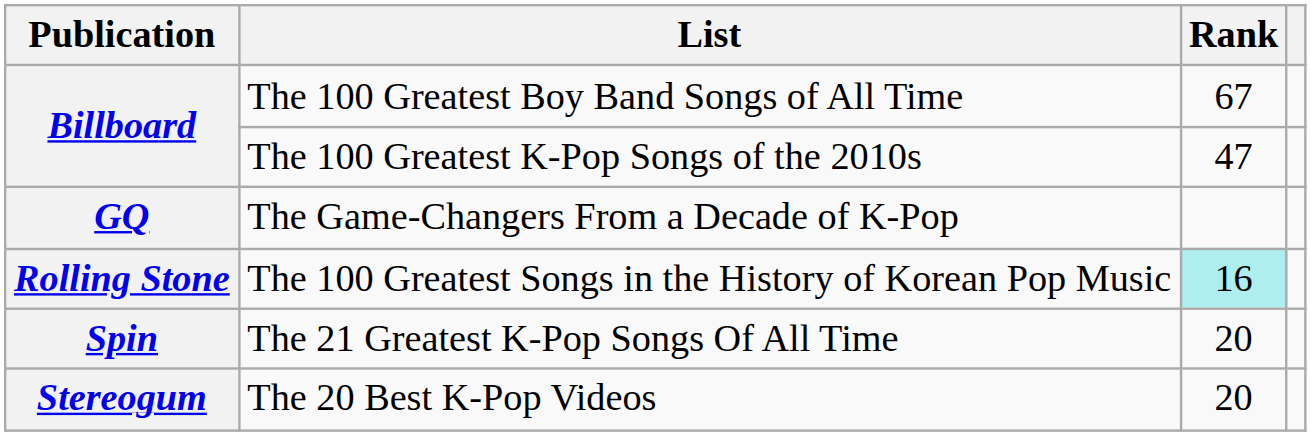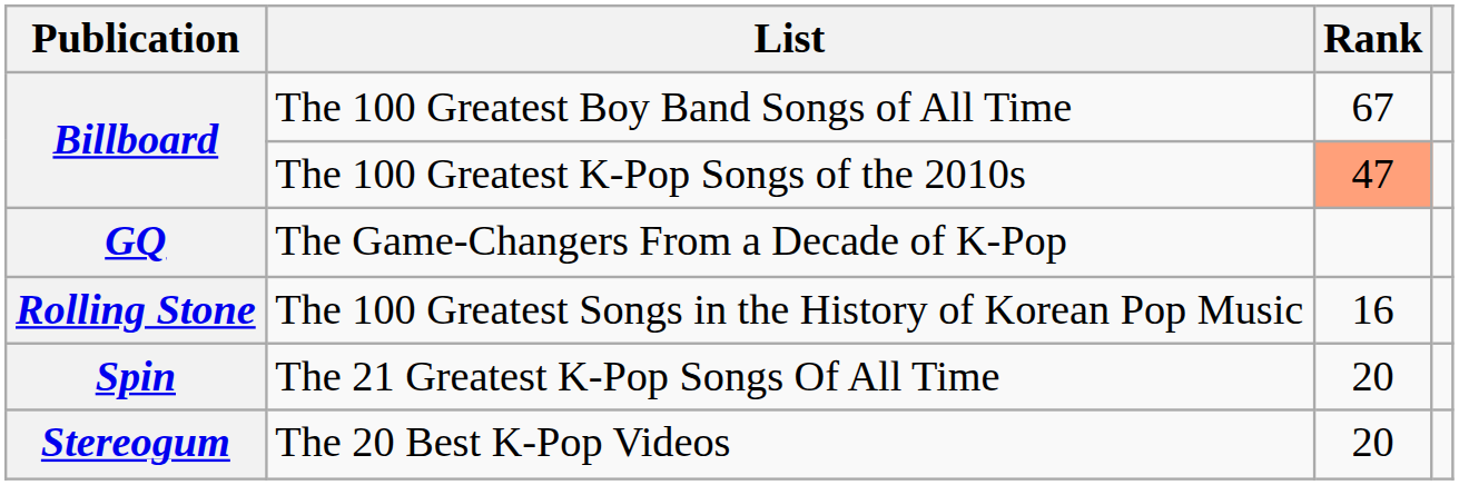 <table class="wikitable sortable plainrowheaders">
 <tr>
 <th scope="col">Publication</th>
 <th scope="col" class="unsortable">List</th>
 <th scope="col">Rank</th>
 <th scope="col" class="unsortable"></th>
 </tr>
 <tr>
 <th scope="row" rowspan="2"><em><a href='#'>Billboard</a></em></th>
 <td>The 100 Greatest Boy Band Songs of All Time</td>
 <td style="text-align:center">67</td>
 <td style="text-align:center"></td>
 </tr>
 <tr>
 <td>The 100 Greatest K-Pop Songs of the 2010s</td>
-<td style="text-align:center">47</td>
+<td style="background: lightsalmon; text-align:center">47</td>
 <td style="text-align:center"></td>
 </tr>
 <tr>
 <th scope="row"><em><a href='#'>GQ</a></em></th>
 <td>The Game-Changers From a Decade of K-Pop</td>
 <td></td>
 <td style="text-align:center"></td>
 </tr>
 <tr>
 <th scope="row"><em><a href='#'>Rolling Stone</a></em></th>
 <td>The 100 Greatest Songs in the History of Korean Pop Music</td>
-<td style="background: paleturquoise; text-align:center">16</td>
+<td style="text-align:center">16</td>
 <td style="text-align:center"></td>
 </tr>
 <tr>
 <th scope="row"><em><a href='#'>Spin</a></em></th>
 <td>The 21 Greatest K-Pop Songs Of All Time</td>
 <td style="text-align:center">20</td>
 <td style="text-align:center"></td>
 </tr>
 <tr>
 <th scope="row"><em><a href='#'>Stereogum</a></em></th>
 <td>The 20 Best K-Pop Videos</td>
 <td style="text-align:center">20</td>
 <td style="text-align:center"></td>
 </tr>
 </table>
